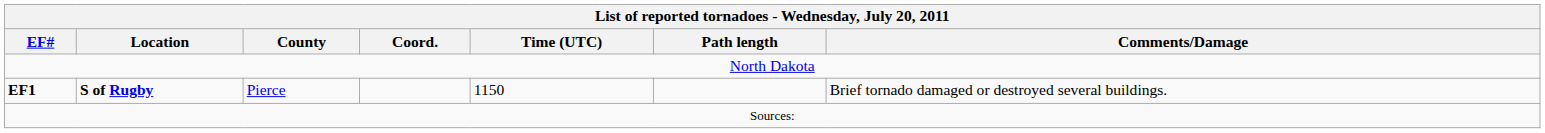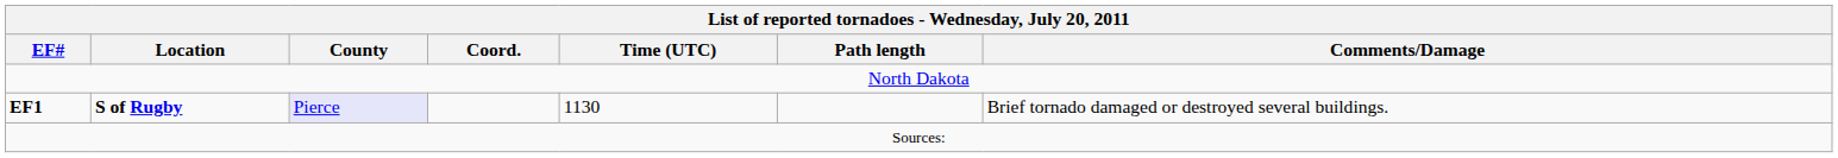 <table class="wikitable collapsible" width="100%">
 <tr>
 <th colspan="7">List of reported tornadoes - Wednesday, July 20, 2011</th>
 </tr>
 <tr>
 <th><a href='#'>EF#</a></th>
 <th>Location</th>
 <th>County</th>
 <th>Coord.</th>
 <th>Time (UTC)</th>
 <th>Path length</th>
 <th>Comments/Damage</th>
 </tr>
 <tr>
 <td colspan="7" align=center><a href='#'>North Dakota</a></td>
 </tr>
 <tr>
 <td><strong>EF1</strong></td>
 <td><strong>S of <a href='#'>Rugby</a></strong></td>
-<td><a href='#'>Pierce</a></td>
+<td style="background: lavender;"><a href='#'>Pierce</a></td>
 <td></td>
-<td>1150</td>
+<td>1130</td>
 <td></td>
 <td>Brief tornado damaged or destroyed several buildings.</td>
 </tr>
 <tr>
 <td colspan="7" align=center><small>Sources: </small></td>
 </tr>
 </table>
